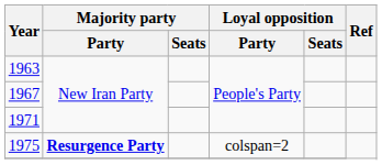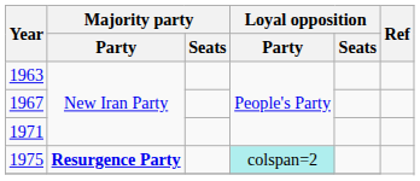 <table class="wikitable" style="font-size:95%;text-align:center;">
 <tr>
 <th rowspan=2>Year</th>
 <th colspan=2>Majority party</th>
 <th colspan=2>Loyal opposition</th>
 <th rowspan=2>Ref</th>
 </tr>
 <tr>
 <th>Party</th>
 <th>Seats</th>
 <th>Party</th>
 <th>Seats</th>
 </tr>
 <tr>
 <td><a href='#'>1963</a></td>
 <td rowspan=3><a href='#'>New Iran Party</a></td>
 <td></td>
 <td rowspan=3><a href='#'>People's Party</a></td>
 <td></td>
 <td></td>
 </tr>
 <tr>
 <td><a href='#'>1967</a></td>
 <td></td>
 <td></td>
 <td></td>
 </tr>
 <tr>
 <td><a href='#'>1971</a></td>
 <td></td>
 <td></td>
 <td></td>
 </tr>
 <tr>
 <td><a href='#'>1975</a></td>
 <td><strong><a href='#'>Resurgence Party</a></strong></td>
 <td></td>
-<td>colspan=2 </td>
+<td style="background: paleturquoise;">colspan=2 </td>
 <td></td>
 </tr>
 <tr>
 </tr>
 </table>
